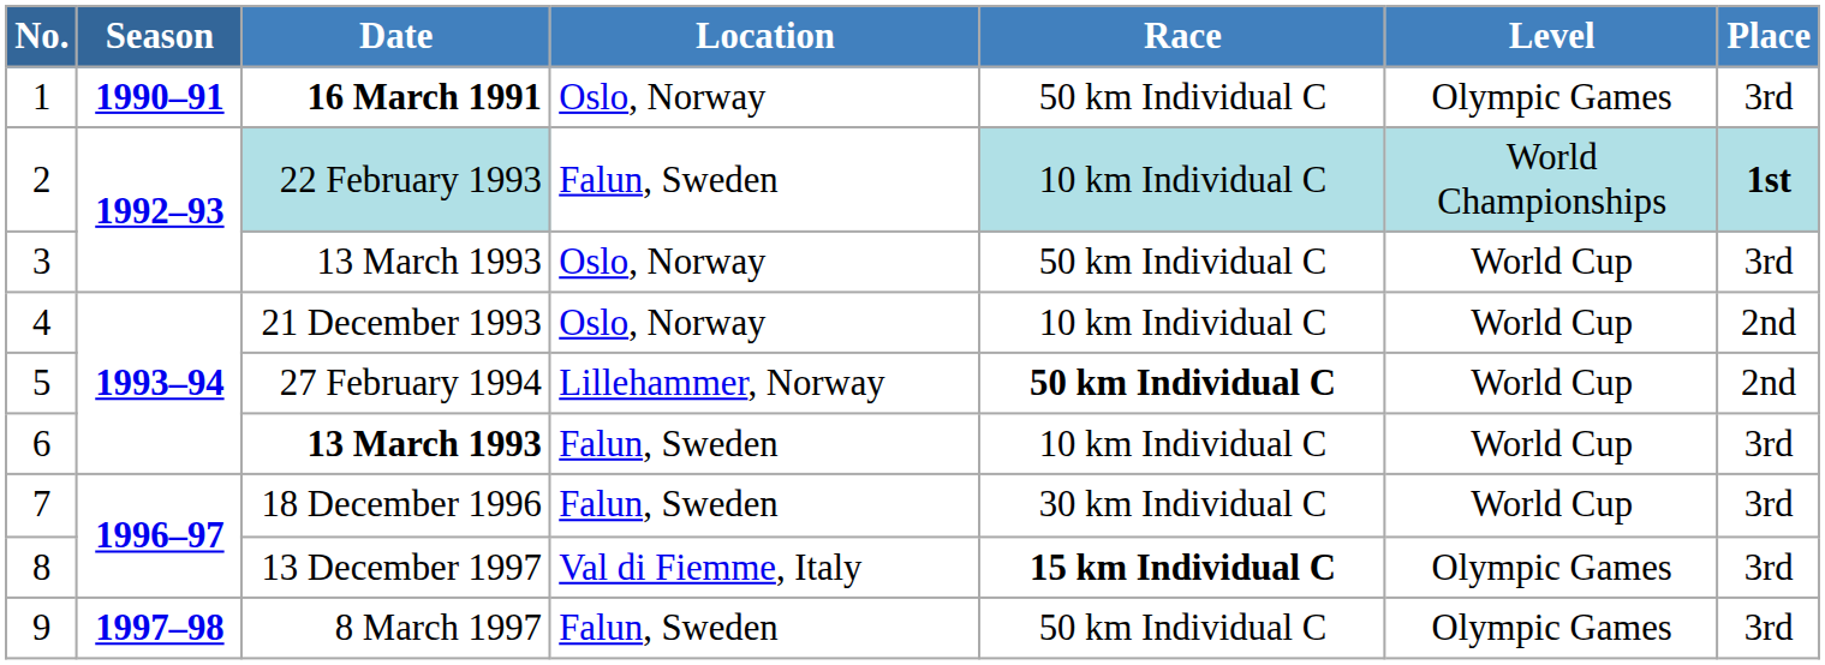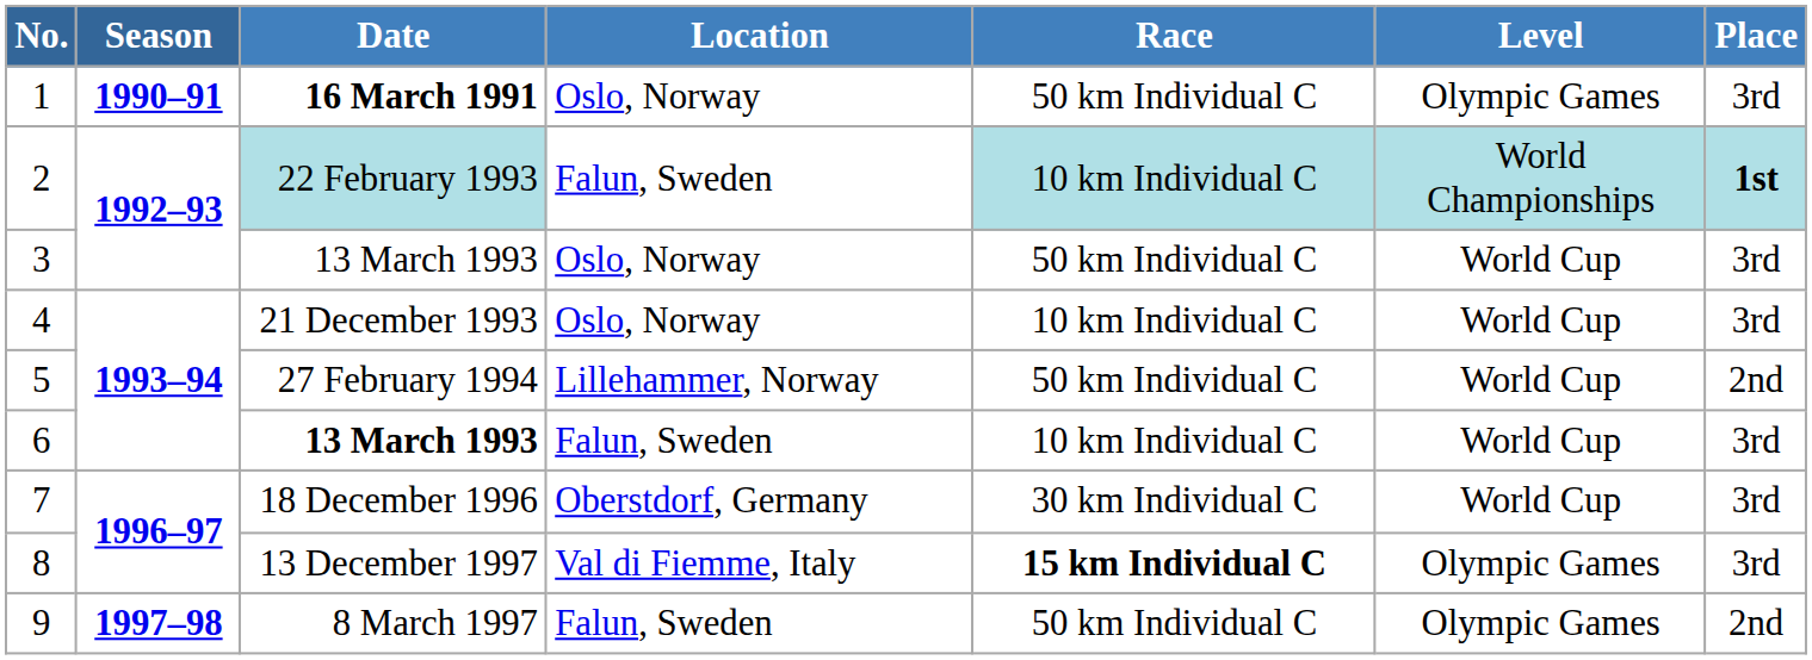 <table class="wikitable sortable" style="font-size:95%; text-align:center; border:grey solid 1px; border-collapse:collapse; background:#ffffff;">
 <tr style="background:#efefef;">
 <th style="background-color:#369; color:white;">No.</th>
 <th style="background-color:#369; color:white;">Season</th>
 <th style="background-color:#4180be; color:white; width:120px;">Date</th>
 <th style="background-color:#4180be; color:white; width:170px;">Location</th>
 <th style="background-color:#4180be; color:white; width:160px;">Race</th>
 <th style="background-color:#4180be; color:white; width:130px;">Level</th>
 <th style="background-color:#4180be; color:white;">Place</th>
 </tr>
 <tr>
 <td align=center>1</td>
 <td rowspan=1 align=center><strong> <a href='#'>1990–91</a> </strong></td>
 <td align=right><strong>16 March 1991</strong></td>
 <td align=left> <a href='#'>Oslo</a>, Norway</td>
 <td>50 km Individual C</td>
 <td>Olympic Games</td>
 <td>3rd</td>
 </tr>
 <tr>
 <td align=center>2</td>
 <td rowspan=2 align=center><strong><a href='#'>1992–93</a></strong></td>
 <td bgcolor="#BOEOE6" align=right>22 February 1993</td>
 <td align=left> <a href='#'>Falun</a>, Sweden</td>
 <td bgcolor="#BOEOE6">10 km Individual C</td>
 <td bgcolor="#BOEOE6">World Championships</td>
 <td bgcolor="#BOEOE6"><strong>1st</strong></td>
 </tr>
 <tr>
 <td align=center>3</td>
 <td align=right>13 March 1993</td>
 <td align=left> <a href='#'>Oslo</a>, Norway</td>
 <td>50 km Individual C</td>
 <td>World Cup</td>
 <td>3rd</td>
 </tr>
 <tr>
 <td align=center>4</td>
 <td rowspan=3 align=center><strong> <a href='#'>1993–94</a> </strong></td>
 <td align=right>21 December 1993</td>
 <td align=left> <a href='#'>Oslo</a>, Norway</td>
 <td>10 km Individual C</td>
 <td>World Cup</td>
-<td>2nd</td>
+<td>3rd</td>
 </tr>
 <tr>
 <td align=center>5</td>
 <td align=right>27 February 1994</td>
 <td align=left> <a href='#'>Lillehammer</a>, Norway</td>
-<td><strong>50 km Individual C</strong></td>
+<td>50 km Individual C</td>
 <td>World Cup</td>
 <td>2nd</td>
 </tr>
 <tr>
 <td align=center>6</td>
 <td align=right><strong>13 March 1993</strong></td>
 <td align=left> <a href='#'>Falun</a>, Sweden</td>
 <td>10 km Individual C</td>
 <td>World Cup</td>
 <td>3rd</td>
 </tr>
 <tr>
 <td align=center>7</td>
 <td rowspan=2 align=center><strong> <a href='#'>1996–97</a> </strong></td>
 <td align=right>18 December 1996</td>
-<td align=left> <a href='#'>Falun</a>, Sweden</td>
+<td align=left> <a href='#'>Oberstdorf</a>, Germany</td>
 <td>30 km Individual C</td>
 <td>World Cup</td>
 <td>3rd</td>
 </tr>
 <tr>
 <td align=center>8</td>
 <td align=right>13 December 1997</td>
 <td align=left> <a href='#'>Val di Fiemme</a>, Italy</td>
 <td><strong>15 km Individual C</strong></td>
 <td>Olympic Games</td>
 <td>3rd</td>
 </tr>
 <tr>
 <td align=center>9</td>
 <td rowspan=1 align=center><strong> <a href='#'>1997–98</a> </strong></td>
 <td align=right>8 March 1997</td>
 <td align=left> <a href='#'>Falun</a>, Sweden</td>
 <td>50 km Individual C</td>
 <td>Olympic Games</td>
-<td>3rd</td>
+<td>2nd</td>
 </tr>
 </table>
